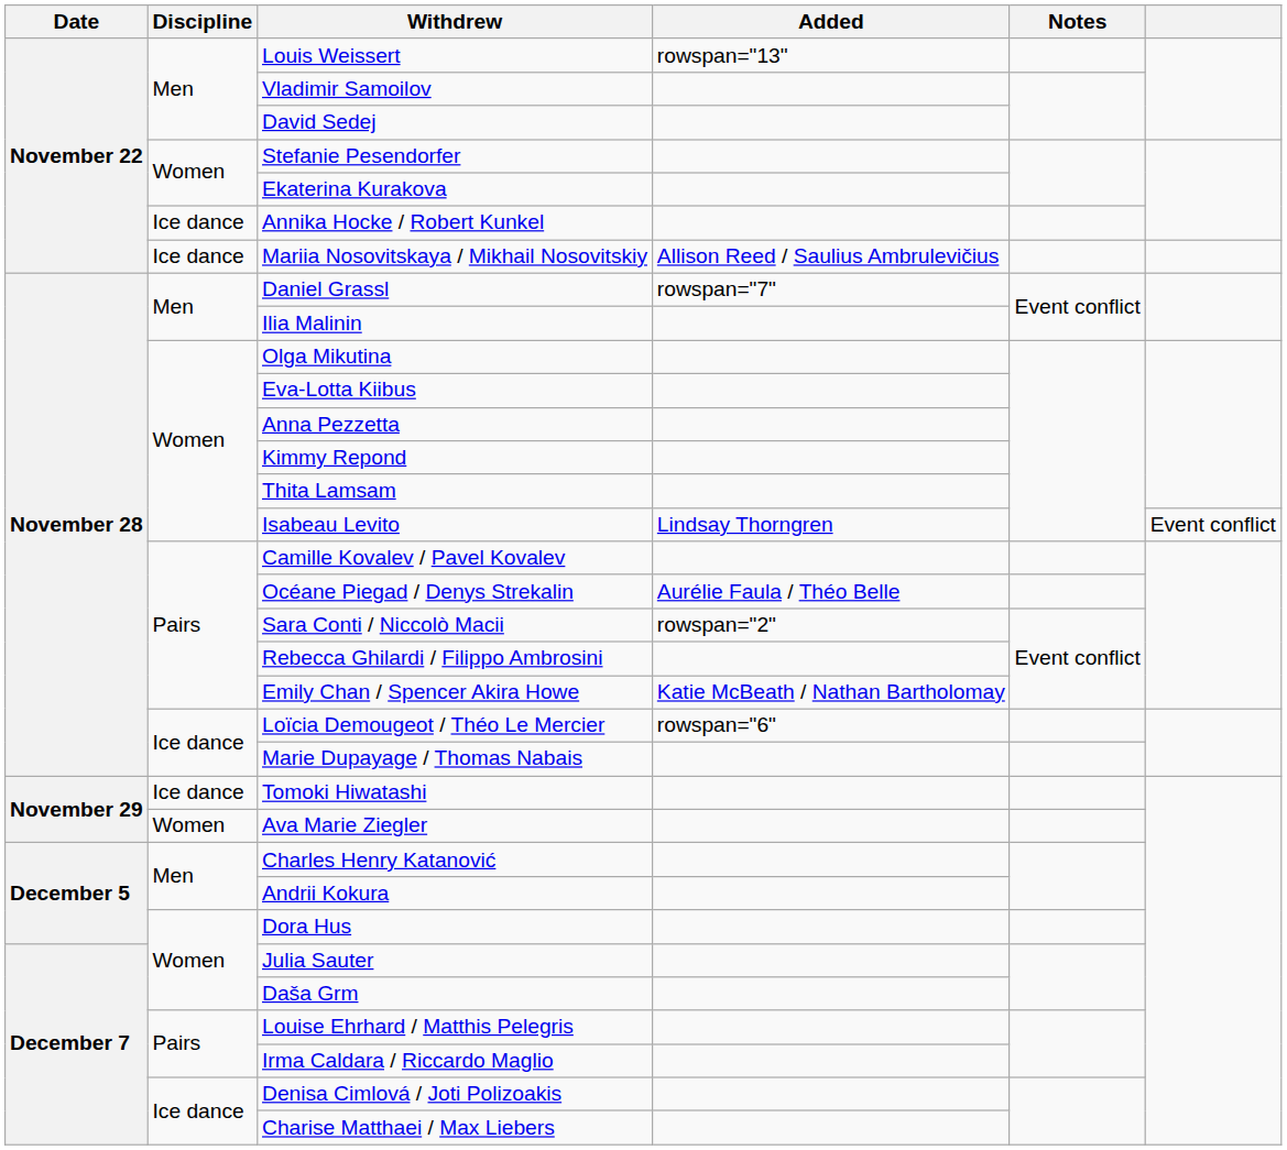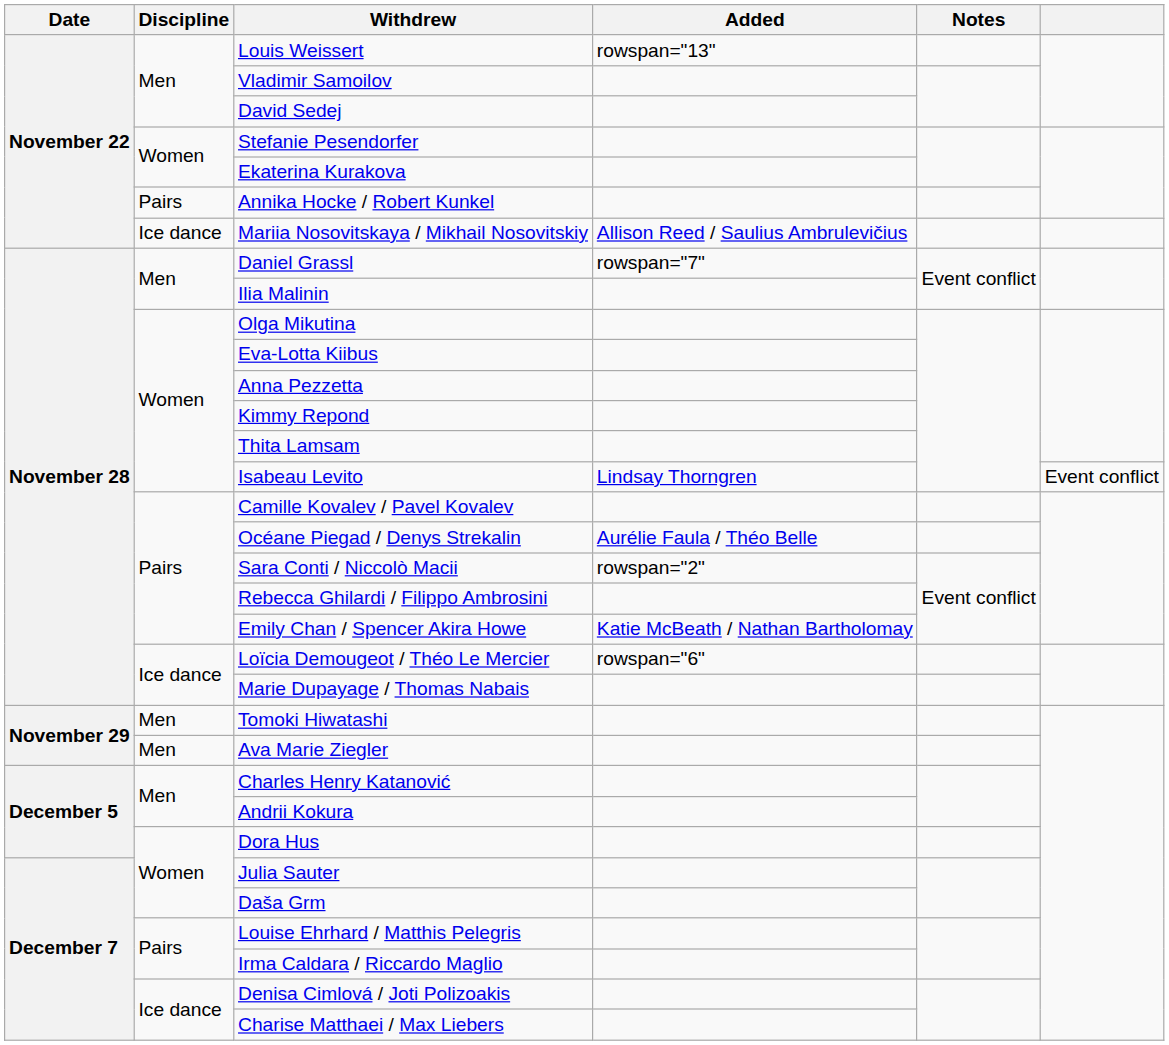 <table class="wikitable unsortable">
 <tr>
 <th scope="col">Date</th>
 <th scope="col">Discipline</th>
 <th scope="col">Withdrew</th>
 <th scope="col">Added</th>
 <th scope="col">Notes</th>
 <th scope="col"></th>
 </tr>
 <tr>
 <th scope="row" style="text-align:left" rowspan=7>November 22</th>
 <td rowspan=3>Men</td>
 <td> <a href='#'>Louis Weissert</a></td>
 <td>rowspan="13" </td>
 <td></td>
 <td rowspan=3></td>
 </tr>
 <tr>
 <td> <a href='#'>Vladimir Samoilov</a></td>
 <td></td>
 </tr>
 <tr>
 <td> <a href='#'>David Sedej</a></td>
 <td></td>
 </tr>
 <tr>
 <td rowspan=2>Women</td>
 <td> <a href='#'>Stefanie Pesendorfer</a></td>
 <td></td>
 <td rowspan=2></td>
 </tr>
 <tr>
 <td> <a href='#'>Ekaterina Kurakova</a></td>
 <td></td>
 </tr>
 <tr>
-<td>Ice dance</td>
+<td>Pairs</td>
 <td> <a href='#'>Annika Hocke</a> / <a href='#'>Robert Kunkel</a></td>
 <td></td>
 <td></td>
 </tr>
 <tr>
 <td>Ice dance</td>
 <td> <a href='#'>Mariia Nosovitskaya</a> / <a href='#'>Mikhail Nosovitskiy</a></td>
 <td> <a href='#'>Allison Reed</a> / <a href='#'>Saulius Ambrulevičius</a></td>
 <td></td>
 <td></td>
 </tr>
 <tr>
 <th scope="row" style="text-align:left" rowspan=15>November 28</th>
 <td rowspan=2>Men</td>
 <td> <a href='#'>Daniel Grassl</a></td>
 <td>rowspan="7" </td>
 <td rowspan=2>Event conflict</td>
 <td rowspan=2></td>
 </tr>
 <tr>
 <td> <a href='#'>Ilia Malinin</a></td>
 </tr>
 <tr>
 <td rowspan=6>Women</td>
 <td> <a href='#'>Olga Mikutina</a></td>
 <td></td>
 <td rowspan=6></td>
 </tr>
 <tr>
 <td> <a href='#'>Eva-Lotta Kiibus</a></td>
 <td></td>
 </tr>
 <tr>
 <td> <a href='#'>Anna Pezzetta</a></td>
 <td></td>
 </tr>
 <tr>
 <td> <a href='#'>Kimmy Repond</a></td>
 <td></td>
 </tr>
 <tr>
 <td> <a href='#'>Thita Lamsam</a></td>
 <td></td>
 </tr>
 <tr>
 <td> <a href='#'>Isabeau Levito</a></td>
 <td> <a href='#'>Lindsay Thorngren</a></td>
 <td>Event conflict</td>
 </tr>
 <tr>
 <td rowspan=5>Pairs</td>
 <td> <a href='#'>Camille Kovalev</a> / <a href='#'>Pavel Kovalev</a></td>
 <td></td>
 <td></td>
 <td rowspan=5></td>
 </tr>
 <tr>
 <td> <a href='#'>Océane Piegad</a> / <a href='#'>Denys Strekalin</a></td>
 <td> <a href='#'>Aurélie Faula</a> / <a href='#'>Théo Belle</a></td>
 <td></td>
 </tr>
 <tr>
 <td> <a href='#'>Sara Conti</a> / <a href='#'>Niccolò Macii</a></td>
 <td>rowspan="2" </td>
 <td rowspan=3>Event conflict</td>
 </tr>
 <tr>
 <td> <a href='#'>Rebecca Ghilardi</a> / <a href='#'>Filippo Ambrosini</a></td>
 </tr>
 <tr>
 <td> <a href='#'>Emily Chan</a> / <a href='#'>Spencer Akira Howe</a></td>
 <td> <a href='#'>Katie McBeath</a> / <a href='#'>Nathan Bartholomay</a></td>
 </tr>
 <tr>
 <td rowspan=2>Ice dance</td>
 <td> <a href='#'>Loïcia Demougeot</a> / <a href='#'>Théo Le Mercier</a></td>
 <td>rowspan="6" </td>
 <td></td>
 <td rowspan=2></td>
 </tr>
 <tr>
 <td> <a href='#'>Marie Dupayage</a> / <a href='#'>Thomas Nabais</a></td>
 <td></td>
 </tr>
 <tr>
 <th scope="row" style="text-align:left" rowspan=2>November 29</th>
-<td>Ice dance</td>
+<td>Men</td>
 <td> <a href='#'>Tomoki Hiwatashi</a></td>
 <td></td>
 <td></td>
 </tr>
 <tr>
-<td>Women</td>
+<td>Men</td>
 <td> <a href='#'>Ava Marie Ziegler</a></td>
 <td></td>
 <td></td>
 </tr>
 <tr>
 <th scope="row" style="text-align:left" rowspan=3>December 5</th>
 <td rowspan=2>Men</td>
 <td> <a href='#'>Charles Henry Katanović</a></td>
 <td></td>
 <td rowspan=2></td>
 </tr>
 <tr>
 <td> <a href='#'>Andrii Kokura</a></td>
 <td></td>
 </tr>
 <tr>
 <td rowspan=3>Women</td>
 <td> <a href='#'>Dora Hus</a></td>
 <td></td>
 <td></td>
 </tr>
 <tr>
 <th scope="row" style="text-align:left" rowspan=6>December 7</th>
 <td> <a href='#'>Julia Sauter</a></td>
 <td></td>
 <td rowspan=2></td>
 </tr>
 <tr>
 <td> <a href='#'>Daša Grm</a></td>
 <td></td>
 </tr>
 <tr>
 <td rowspan=2>Pairs</td>
 <td> <a href='#'>Louise Ehrhard</a> / <a href='#'>Matthis Pelegris</a></td>
 <td></td>
 <td rowspan=2></td>
 </tr>
 <tr>
 <td> <a href='#'>Irma Caldara</a> / <a href='#'>Riccardo Maglio</a></td>
 <td></td>
 </tr>
 <tr>
 <td rowspan=2>Ice dance</td>
 <td> <a href='#'>Denisa Cimlová</a> / <a href='#'>Joti Polizoakis</a></td>
 <td></td>
 <td rowspan=2></td>
 </tr>
 <tr>
 <td> <a href='#'>Charise Matthaei</a> / <a href='#'>Max Liebers</a></td>
 <td></td>
 </tr>
 </table>
